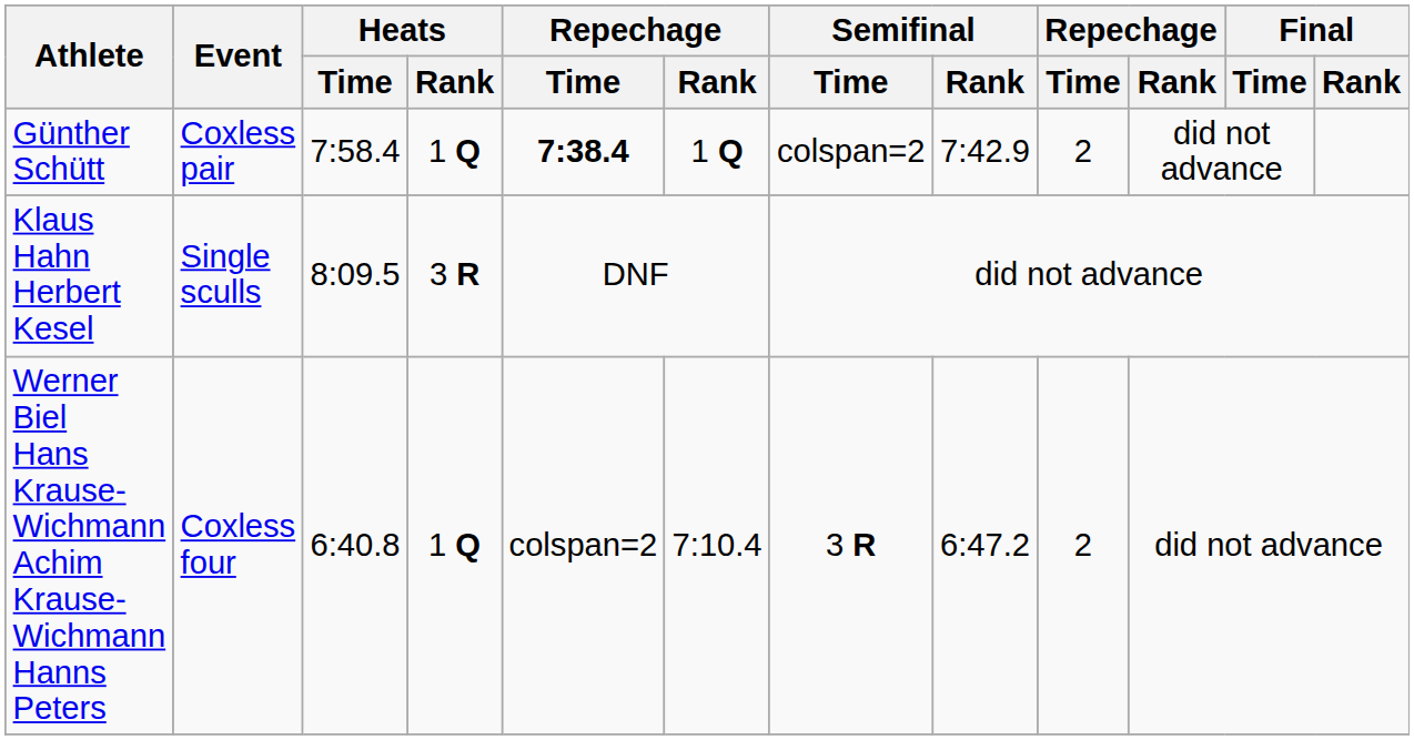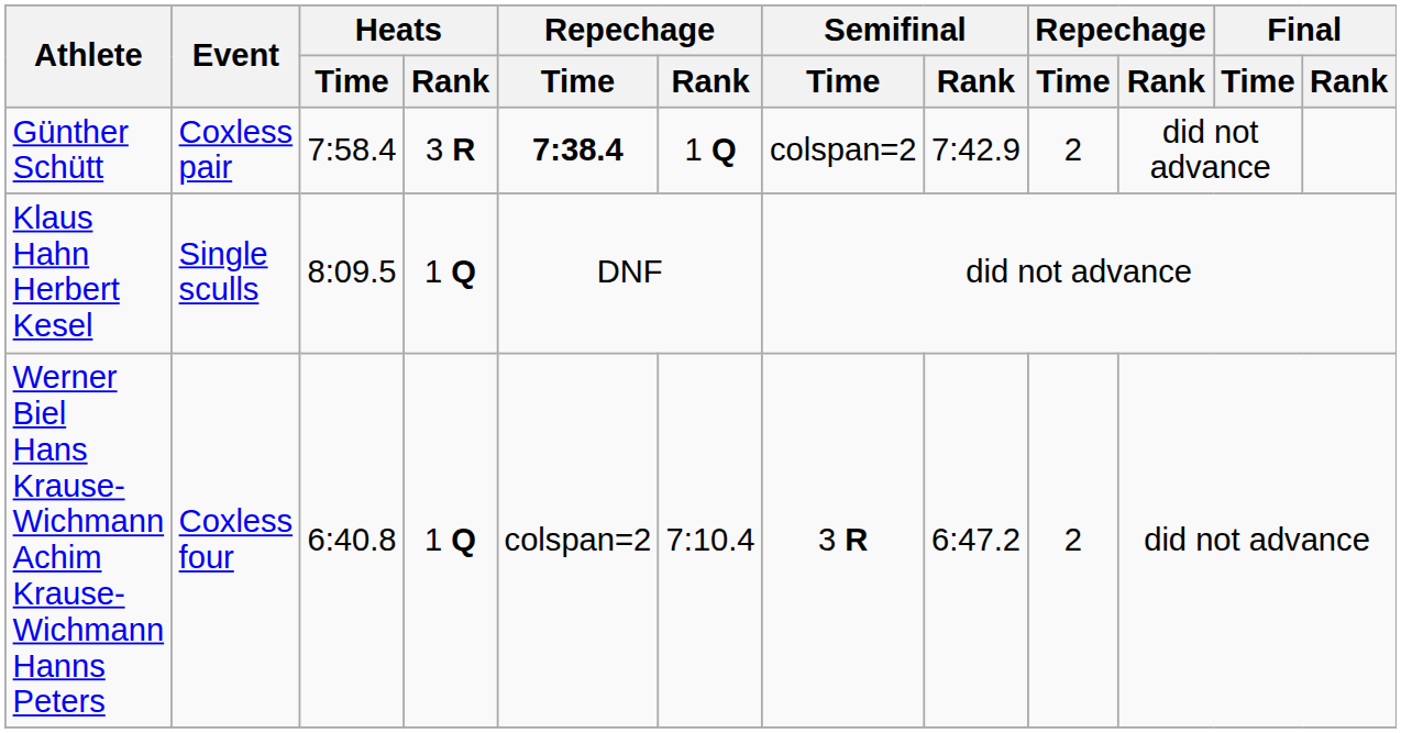 <table class="wikitable">
 <tr>
 <th rowspan="2">Athlete</th>
 <th rowspan="2">Event</th>
 <th colspan="2">Heats</th>
 <th colspan="2">Repechage</th>
 <th colspan="2">Semifinal</th>
 <th colspan="2">Repechage</th>
 <th colspan="2">Final</th>
 </tr>
 <tr>
 <th>Time</th>
 <th>Rank</th>
 <th>Time</th>
 <th>Rank</th>
 <th>Time</th>
 <th>Rank</th>
 <th>Time</th>
 <th>Rank</th>
 <th>Time</th>
 <th>Rank</th>
 </tr>
 <tr align=center>
 <td align=left><a href='#'>Günther Schütt</a></td>
 <td align=left><a href='#'>Coxless pair</a></td>
 <td>7:58.4</td>
-<td>1 <strong>Q</strong></td>
+<td>3 <strong>R</strong></td>
 <td><strong>7:38.4</strong></td>
 <td>1 <strong>Q</strong></td>
 <td>colspan=2 </td>
 <td>7:42.9</td>
 <td>2</td>
 <td colspan=2>did not advance</td>
 </tr>
 <tr align=center>
 <td align=left><a href='#'>Klaus Hahn</a><br><a href='#'>Herbert Kesel</a></td>
 <td align=left><a href='#'>Single sculls</a></td>
 <td>8:09.5</td>
-<td>3 <strong>R</strong></td>
+<td>1 <strong>Q</strong></td>
 <td colspan=2>DNF</td>
 <td colspan=6>did not advance</td>
 </tr>
 <tr align=center>
 <td align=left><a href='#'>Werner Biel</a><br><a href='#'>Hans Krause-Wichmann</a><br><a href='#'>Achim Krause-Wichmann</a><br><a href='#'>Hanns Peters</a></td>
 <td align=left><a href='#'>Coxless four</a></td>
 <td>6:40.8</td>
 <td>1 <strong>Q</strong></td>
 <td>colspan=2 </td>
 <td>7:10.4</td>
 <td>3 <strong>R</strong></td>
 <td>6:47.2</td>
 <td>2</td>
 <td colspan=6>did not advance</td>
 </tr>
 </table>
